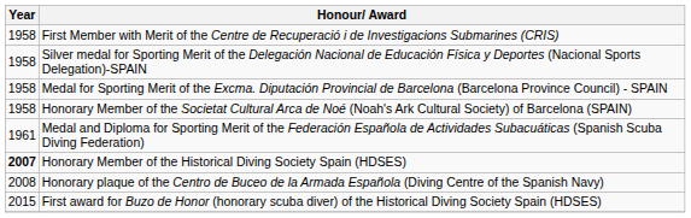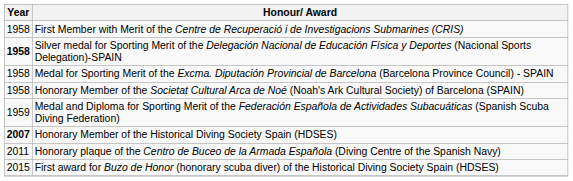 <table class="wikitable">
 <tr>
 <th>Year</th>
 <th>Honour/ Award</th>
 </tr>
 <tr>
 <td>1958</td>
 <td>First Member with Merit of the <em>Centre de Recuperació i de Investigacions Submarines (CRIS)</em></td>
 </tr>
 <tr>
-<td>1958</td>
+<td><strong>1958</strong></td>
 <td>Silver medal for Sporting Merit of the <em>Delegación Nacional de Educación Física y Deportes</em> (Nacional Sports Delegation)-SPAIN</td>
 </tr>
 <tr>
 <td>1958</td>
 <td>Medal for Sporting Merit of the <em>Excma. Diputación Provincial de Barcelona</em> (Barcelona Province Council) - SPAIN</td>
 </tr>
 <tr>
 <td>1958</td>
 <td>Honorary Member of the <em>Societat Cultural Arca de Noé</em> (Noah's Ark Cultural Society) of Barcelona (SPAIN)</td>
 </tr>
 <tr>
-<td>1961</td>
+<td>1959</td>
 <td>Medal and Diploma for Sporting Merit of the <em>Federación Española de Actividades Subacuáticas</em> (Spanish Scuba Diving Federation)</td>
 </tr>
 <tr>
 <td><strong>2007</strong></td>
 <td>Honorary Member of the Historical Diving Society Spain (HDSES)</td>
 </tr>
 <tr>
-<td>2008</td>
+<td>2011</td>
 <td>Honorary plaque of the <em>Centro de Buceo de la Armada Española</em> (Diving Centre of the Spanish Navy)</td>
 </tr>
 <tr>
 <td>2015</td>
 <td>First award for <em>Buzo de Honor</em> (honorary scuba diver) of the Historical Diving Society Spain (HDSES)</td>
 </tr>
 <tr>
 </tr>
 </table>
